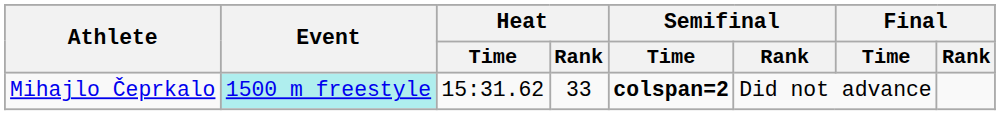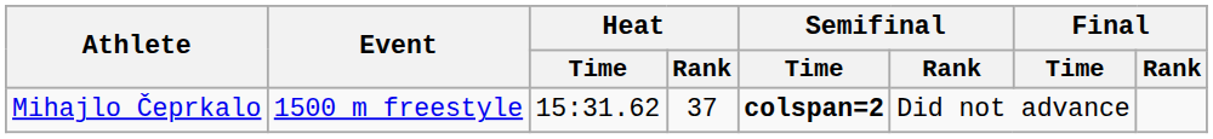 <table class=wikitable style="font-size:90%">
 <tr>
 <th rowspan="2">Athlete</th>
 <th rowspan="2">Event</th>
 <th colspan="2">Heat</th>
 <th colspan="2">Semifinal</th>
 <th colspan="2">Final</th>
 </tr>
 <tr style="font-size:95%">
 <th>Time</th>
 <th>Rank</th>
 <th>Time</th>
 <th>Rank</th>
 <th>Time</th>
 <th>Rank</th>
 </tr>
 <tr align=center>
 <td align=left><a href='#'>Mihajlo Čeprkalo</a></td>
-<td align=left style="background: paleturquoise;"><a href='#'>1500 m freestyle</a></td>
+<td align=left><a href='#'>1500 m freestyle</a></td>
 <td>15:31.62</td>
-<td>33</td>
+<td>37</td>
 <td><strong>colspan=2 </strong></td>
 <td colspan=2>Did not advance</td>
 </tr>
 </table>
